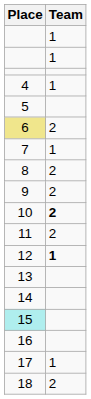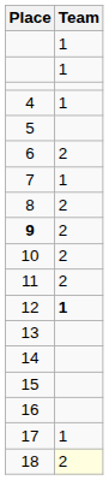 <table class="wikitable">
 <tr>
 <th>Place</th>
 <th>Team</th>
 </tr>
 <tr>
 <td align=center></td>
 <td> 1</td>
 </tr>
 <tr>
 <td align=center></td>
 <td> 1</td>
 </tr>
 <tr>
 <td align=center></td>
 <td></td>
 </tr>
 <tr>
 <td align=center>4</td>
 <td> 1</td>
 </tr>
 <tr>
 <td align=center>5</td>
 <td></td>
 </tr>
 <tr>
-<td align=center style="background: khaki;">6</td>
+<td align=center>6</td>
 <td> 2</td>
 </tr>
 <tr>
 <td align=center>7</td>
 <td> 1</td>
 </tr>
 <tr>
 <td align=center>8</td>
 <td> 2</td>
 </tr>
 <tr>
-<td align=center>9</td>
+<td align=center><strong>9</strong></td>
 <td> 2</td>
 </tr>
 <tr>
 <td align=center>10</td>
-<td><strong> 2</strong></td>
+<td> 2</td>
 </tr>
 <tr>
 <td align=center>11</td>
 <td> 2</td>
 </tr>
 <tr>
 <td align=center>12</td>
 <td><strong> 1</strong></td>
 </tr>
 <tr>
 <td align=center>13</td>
 <td></td>
 </tr>
 <tr>
 <td align=center>14</td>
 <td></td>
 </tr>
 <tr>
-<td align=center style="background: paleturquoise;">15</td>
+<td align=center>15</td>
 <td></td>
 </tr>
 <tr>
 <td align=center>16</td>
 <td></td>
 </tr>
 <tr>
 <td align=center>17</td>
 <td> 1</td>
 </tr>
 <tr>
 <td align=center>18</td>
-<td> 2</td>
+<td style="background: lightyellow;"> 2</td>
 </tr>
 </table>
